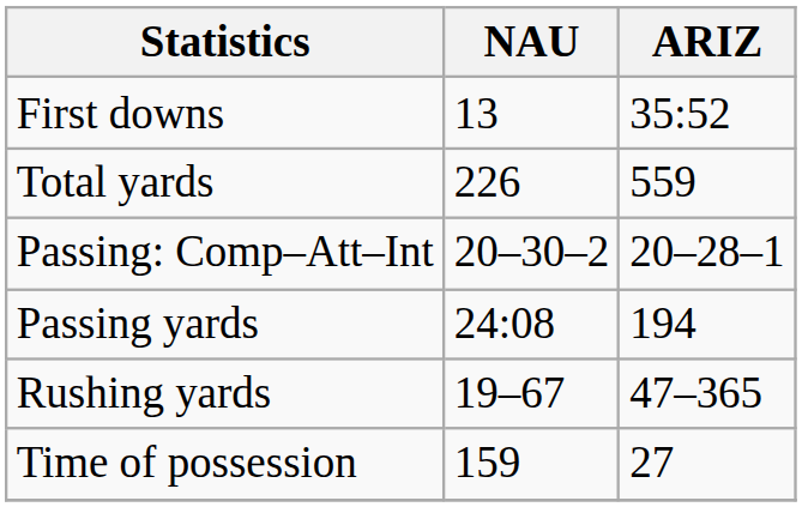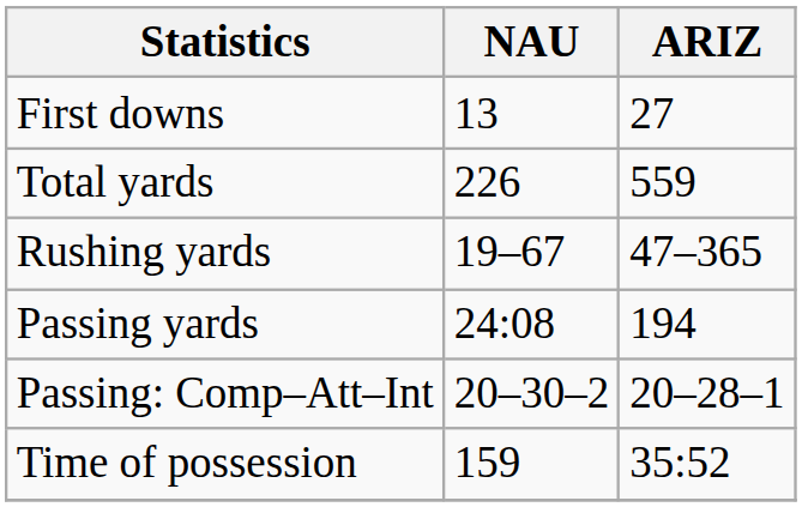 <table class="wikitable" style="float: left;">
 <tr>
 <th>Statistics</th>
 <th>NAU</th>
 <th>ARIZ</th>
 </tr>
 <tr>
 <td>First downs</td>
 <td>13</td>
-<td>35:52</td>
+<td>27</td>
 </tr>
 <tr>
 <td>Total yards</td>
 <td>226</td>
 <td>559</td>
 </tr>
 <tr>
-<td>Passing: Comp–Att–Int</td>
-<td>20–30–2</td>
-<td>20–28–1</td>
+<td>Rushing yards</td>
+<td>19–67</td>
+<td>47–365</td>
 </tr>
 <tr>
 <td>Passing yards</td>
 <td>24:08</td>
 <td>194</td>
 </tr>
 <tr>
-<td>Rushing yards</td>
-<td>19–67</td>
-<td>47–365</td>
+<td>Passing: Comp–Att–Int</td>
+<td>20–30–2</td>
+<td>20–28–1</td>
 </tr>
 <tr>
 <td>Time of possession</td>
 <td>159</td>
-<td>27</td>
+<td>35:52</td>
 </tr>
 <tr>
 </tr>
 </table>
